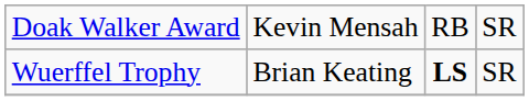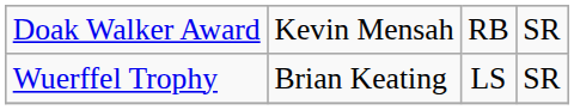 <table class="wikitable">
 <tr>
 <td><a href='#'>Doak Walker Award</a></td>
 <td>Kevin Mensah</td>
 <td align=center>RB</td>
 <td align=center>SR</td>
 </tr>
 <tr>
 <td><a href='#'>Wuerffel Trophy</a></td>
 <td>Brian Keating</td>
-<td align=center><strong>LS</strong></td>
+<td align=center>LS</td>
 <td align=center>SR</td>
 </tr>
 <tr>
 </tr>
 </table>
